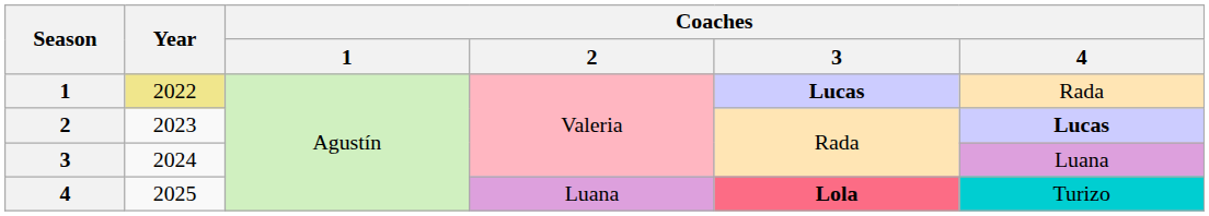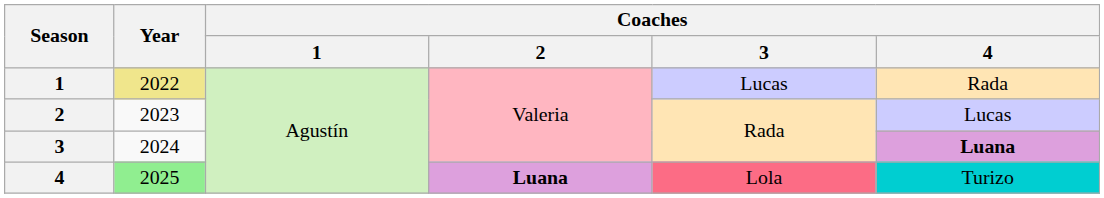 <table class="wikitable collapsible collapsed" style="text-align:center; width:100%">
 <tr>
 <th width="2%" rowspan="2">Season</th>
 <th width="2%" rowspan="2">Year</th>
 <th colspan="4">Coaches</th>
 </tr>
 <tr>
 <th width="7%">1</th>
 <th width="7%">2</th>
 <th width="7%">3</th>
 <th width="7%">4</th>
 </tr>
 <tr>
 <th>1</th>
 <td style="background: khaki;">2022</td>
 <td rowspan="4" bgcolor="#d0f0c0">Agustín</td>
 <td rowspan="3" bgcolor="lightpink">Valeria</td>
-<td bgcolor="#ccccff"><strong>Lucas</strong></td>
+<td bgcolor="#ccccff">Lucas</td>
 <td style="background:#ffe5b4">Rada</td>
 </tr>
 <tr>
 <th>2</th>
 <td>2023</td>
 <td rowspan="2" bgcolor="#ffe5b4">Rada</td>
-<td bgcolor="#ccccff"><strong>Lucas</strong></td>
+<td bgcolor="#ccccff">Lucas</td>
 </tr>
 <tr>
 <th>3</th>
 <td>2024</td>
-<td style="background:#dda0dd">Luana</td>
+<td style="background:#dda0dd"><strong>Luana</strong></td>
 </tr>
 <tr>
 <th>4</th>
-<td>2025</td>
-<td style="background:#dda0dd">Luana</td>
-<td bgcolor="#FC6C85"><strong>Lola</strong></td>
+<td style="background: lightgreen;">2025</td>
+<td style="background:#dda0dd"><strong>Luana</strong></td>
+<td bgcolor="#FC6C85">Lola</td>
 <td bgcolor="#00ced1">Turizo</td>
 </tr>
 </table>
